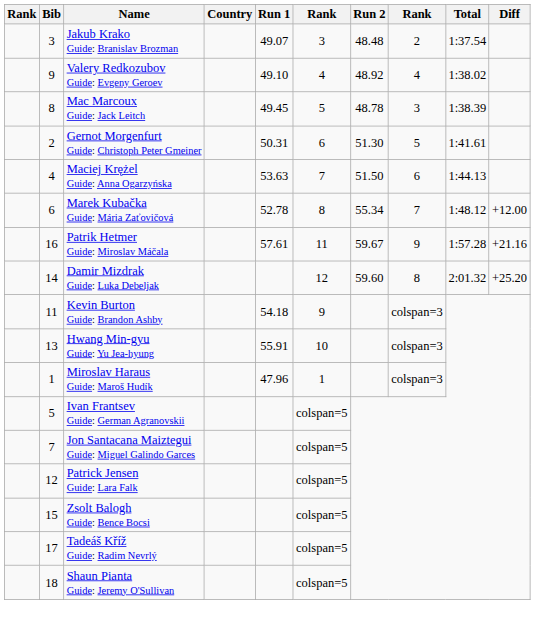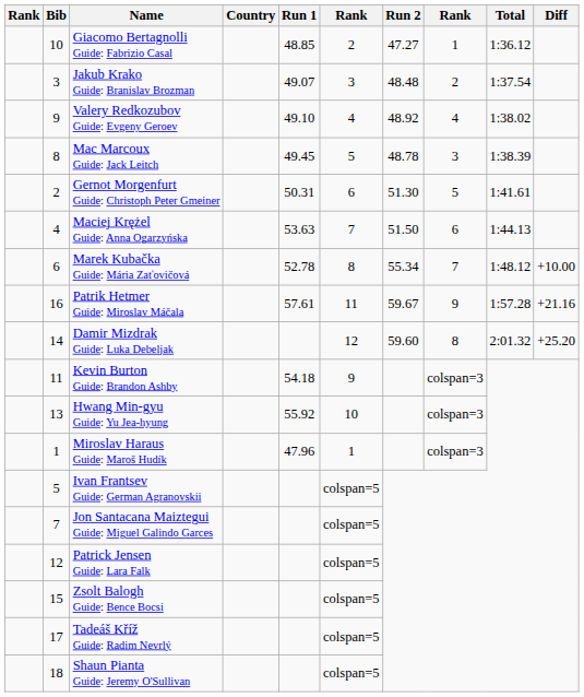 <table class="wikitable sortable" style="text-align:center">
 <tr>
 <th>Rank</th>
 <th>Bib</th>
 <th>Name</th>
 <th>Country</th>
 <th>Run 1</th>
 <th>Rank</th>
 <th>Run 2</th>
 <th>Rank</th>
 <th>Total</th>
 <th>Diff</th>
+</tr>
+<tr>
+<td></td>
+<td>10</td>
+<td align="left"><a href='#'>Giacomo Bertagnolli</a><br><small><a href='#'>Guide</a>: <a href='#'>Fabrizio Casal</a></small></td>
+<td align="left"></td>
+<td>48.85</td>
+<td>2</td>
+<td>47.27</td>
+<td>1</td>
+<td>1:36.12</td>
+<td></td>
 </tr>
 <tr>
 <td></td>
 <td>3</td>
 <td align="left"><a href='#'>Jakub Krako</a><br><small><a href='#'>Guide</a>: <a href='#'>Branislav Brozman</a></small></td>
 <td align="left"></td>
 <td>49.07</td>
 <td>3</td>
 <td>48.48</td>
 <td>2</td>
 <td>1:37.54</td>
 <td></td>
 </tr>
 <tr>
 <td></td>
 <td>9</td>
 <td align="left"><a href='#'>Valery Redkozubov</a><br><small><a href='#'>Guide</a>: <a href='#'>Evgeny Geroev</a></small></td>
 <td align="left"></td>
 <td>49.10</td>
 <td>4</td>
 <td>48.92</td>
 <td>4</td>
 <td>1:38.02</td>
 <td></td>
 </tr>
 <tr>
 <td></td>
 <td>8</td>
 <td align="left"><a href='#'>Mac Marcoux</a><br><small><a href='#'>Guide</a>: <a href='#'>Jack Leitch</a></small></td>
 <td align="left"></td>
 <td>49.45</td>
 <td>5</td>
 <td>48.78</td>
 <td>3</td>
 <td>1:38.39</td>
 <td></td>
 </tr>
 <tr>
 <td></td>
 <td>2</td>
 <td align="left"><a href='#'>Gernot Morgenfurt</a><br><small><a href='#'>Guide</a>: <a href='#'>Christoph Peter Gmeiner</a></small></td>
 <td align="left"></td>
 <td>50.31</td>
 <td>6</td>
 <td>51.30</td>
 <td>5</td>
 <td>1:41.61</td>
 <td></td>
 </tr>
 <tr>
 <td></td>
 <td>4</td>
 <td align="left"><a href='#'>Maciej Krężel</a><br><small><a href='#'>Guide</a>: <a href='#'>Anna Ogarzyńska</a></small></td>
 <td align="left"></td>
 <td>53.63</td>
 <td>7</td>
 <td>51.50</td>
 <td>6</td>
 <td>1:44.13</td>
 <td></td>
 </tr>
 <tr>
 <td></td>
 <td>6</td>
 <td align="left"><a href='#'>Marek Kubačka</a><br><small><a href='#'>Guide</a>: <a href='#'>Mária Zaťovičová</a></small></td>
 <td align="left"></td>
 <td>52.78</td>
 <td>8</td>
 <td>55.34</td>
 <td>7</td>
 <td>1:48.12</td>
-<td>+12.00</td>
+<td>+10.00</td>
 </tr>
 <tr>
 <td></td>
 <td>16</td>
 <td align="left"><a href='#'>Patrik Hetmer</a><br><small><a href='#'>Guide</a>: <a href='#'>Miroslav Máčala</a></small></td>
 <td align="left"></td>
 <td>57.61</td>
 <td>11</td>
 <td>59.67</td>
 <td>9</td>
 <td>1:57.28</td>
 <td>+21.16</td>
 </tr>
 <tr>
 <td></td>
 <td>14</td>
 <td align="left"><a href='#'>Damir Mizdrak</a><br><small><a href='#'>Guide</a>: <a href='#'>Luka Debeljak</a></small></td>
 <td align="left"></td>
 <td></td>
 <td>12</td>
 <td>59.60</td>
 <td>8</td>
 <td>2:01.32</td>
 <td>+25.20</td>
 </tr>
 <tr>
 <td></td>
 <td>11</td>
 <td align="left"><a href='#'>Kevin Burton</a><br><small><a href='#'>Guide</a>: <a href='#'>Brandon Ashby</a></small></td>
 <td align="left"></td>
 <td>54.18</td>
 <td>9</td>
 <td></td>
 <td>colspan=3 </td>
 </tr>
 <tr>
 <td></td>
 <td>13</td>
 <td align="left"><a href='#'>Hwang Min-gyu</a><br><small><a href='#'>Guide</a>: <a href='#'>Yu Jea-hyung</a></small></td>
 <td align="left"></td>
-<td>55.91</td>
+<td>55.92</td>
 <td>10</td>
 <td></td>
 <td>colspan=3 </td>
 </tr>
 <tr>
 <td></td>
 <td>1</td>
 <td align="left"><a href='#'>Miroslav Haraus</a><br><small><a href='#'>Guide</a>: <a href='#'>Maroš Hudík</a></small></td>
 <td align="left"></td>
 <td>47.96</td>
 <td>1</td>
 <td></td>
 <td>colspan=3 </td>
 </tr>
 <tr>
 <td></td>
 <td>5</td>
 <td align="left"><a href='#'>Ivan Frantsev</a><br><small><a href='#'>Guide</a>: <a href='#'>German Agranovskii</a></small></td>
 <td align="left"></td>
 <td></td>
 <td>colspan=5 </td>
 </tr>
 <tr>
 <td></td>
 <td>7</td>
 <td align="left"><a href='#'>Jon Santacana Maiztegui</a><br><small><a href='#'>Guide</a>: <a href='#'>Miguel Galindo Garces</a></small></td>
 <td align="left"></td>
 <td></td>
 <td>colspan=5 </td>
 </tr>
 <tr>
 <td></td>
 <td>12</td>
 <td align="left"><a href='#'>Patrick Jensen</a><br><small><a href='#'>Guide</a>: <a href='#'>Lara Falk</a></small></td>
 <td align="left"></td>
 <td></td>
 <td>colspan=5 </td>
 </tr>
 <tr>
 <td></td>
 <td>15</td>
 <td align="left"><a href='#'>Zsolt Balogh</a><br><small><a href='#'>Guide</a>: <a href='#'>Bence Bocsi</a></small></td>
 <td align="left"></td>
 <td></td>
 <td>colspan=5 </td>
 </tr>
 <tr>
 <td></td>
 <td>17</td>
 <td align="left"><a href='#'>Tadeáš Kříž</a><br><small><a href='#'>Guide</a>: <a href='#'>Radim Nevrlý</a></small></td>
 <td align="left"></td>
 <td></td>
 <td>colspan=5 </td>
 </tr>
 <tr>
 <td></td>
 <td>18</td>
 <td align="left"><a href='#'>Shaun Pianta</a><br><small><a href='#'>Guide</a>: <a href='#'>Jeremy O'Sullivan</a></small></td>
 <td align="left"></td>
 <td></td>
 <td>colspan=5 </td>
 </tr>
 </table>
